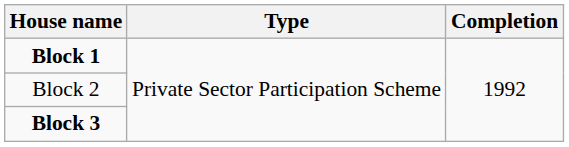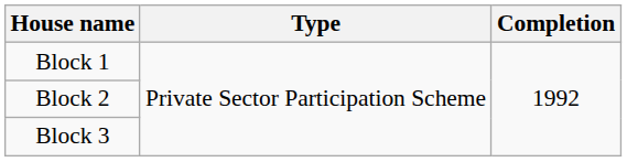 <table class="wikitable" style="text-align: center;">
 <tr>
 <th>House name</th>
 <th>Type</th>
 <th>Completion</th>
 </tr>
 <tr>
-<td><strong>Block 1</strong></td>
+<td>Block 1</td>
 <td rowspan="3">Private Sector Participation Scheme</td>
 <td rowspan="3">1992</td>
 </tr>
 <tr>
 <td>Block 2</td>
 </tr>
 <tr>
-<td><strong>Block 3</strong></td>
+<td>Block 3</td>
 </tr>
 </table>
